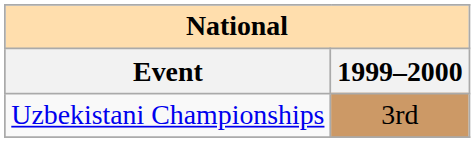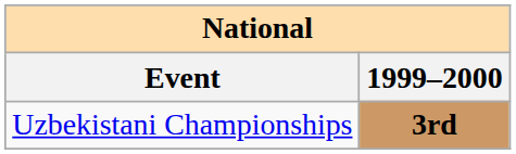 <table class="wikitable" style="text-align:center">
 <tr>
 <th style="background-color: #ffdead; " colspan=2 align=center>National</th>
 </tr>
 <tr>
 <th>Event</th>
 <th>1999–2000</th>
 </tr>
 <tr>
 <td align=left><a href='#'>Uzbekistani Championships</a></td>
-<td bgcolor=cc9966>3rd</td>
+<td bgcolor=cc9966><strong>3rd</strong></td>
 </tr>
 </table>
